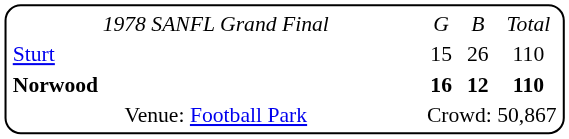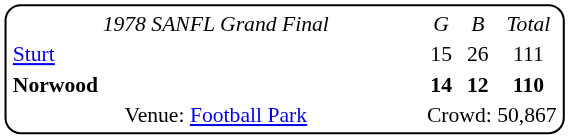 <table style="margin-right:4px; margin-top:8px; float:right; border:1px #000 solid; border-radius:8px; background:#fff; font-family:Verdana; font-size:8pt; text-align:center;">
 <tr>
 <td width=200><em>1978 SANFL Grand Final</em></td>
 <td><em>G</em></td>
 <td><em>B</em></td>
 <td><em>Total</em></td>
 </tr>
 <tr>
 <td style="text-align:left"><a href='#'>Sturt</a></td>
 <td>15</td>
 <td>26</td>
-<td>110</td>
+<td>111</td>
 </tr>
 <tr>
 <td style="text-align:left"><strong>Norwood</strong></td>
-<td><strong>16</strong></td>
+<td><strong>14</strong></td>
 <td><strong>12</strong></td>
 <td><strong>110</strong></td>
 </tr>
 <tr>
 <td>Venue: <a href='#'>Football Park</a></td>
 <td colspan=3>Crowd: 50,867</td>
 </tr>
 </table>
